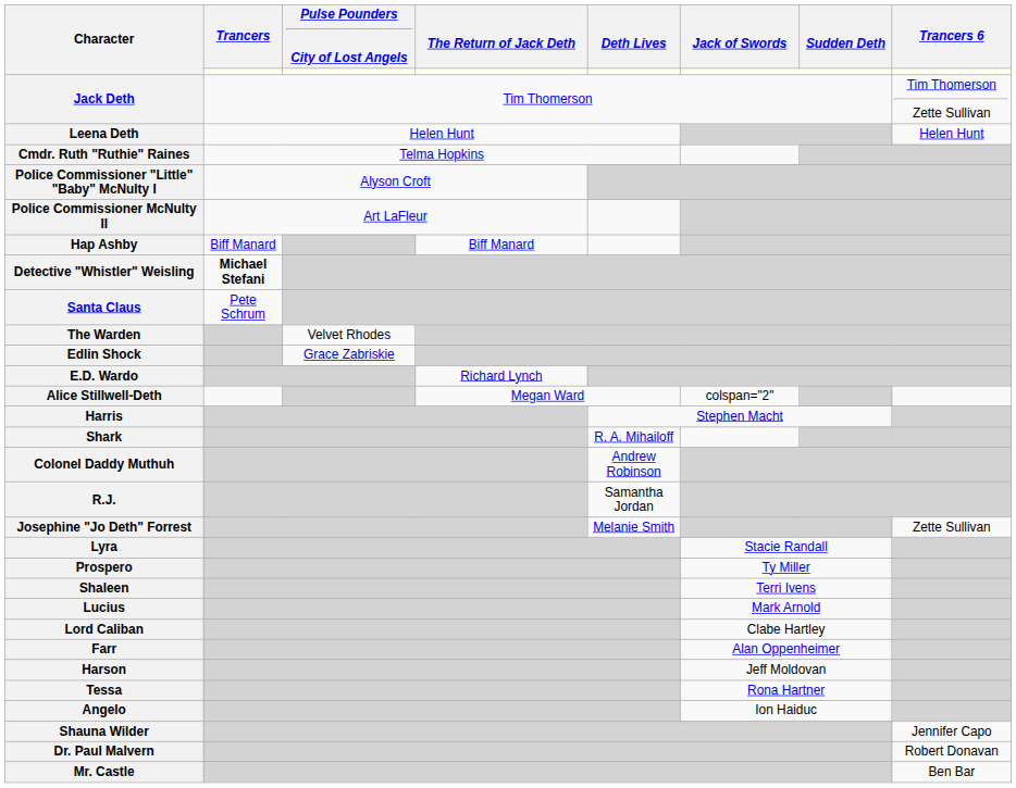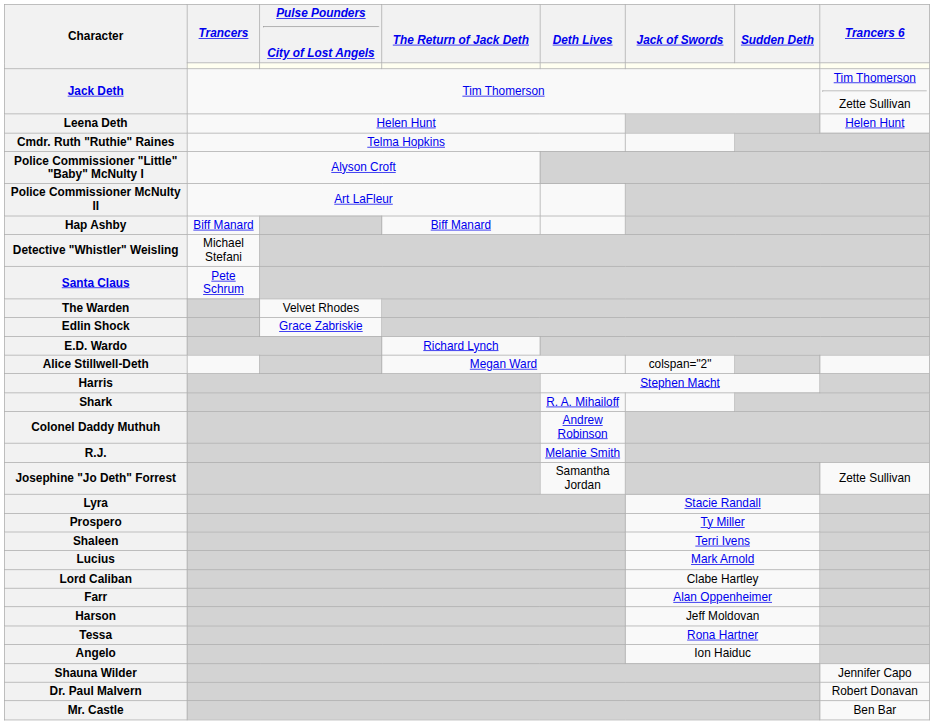 <table class="wikitable" style="text-align:center; width:99%;">
 <tr>
 <th rowspan="2" style="width:15%;">Character</th>
 <th style="text-align:center; width:06%;"><em><a href='#'>Trancers</a></em></th>
 <th style="text-align:center; width:10%;"><em><a href='#'>Pulse Pounders</a></em><hr><a href='#'><em><br>City of Lost Angels</em></a></th>
 <th style="text-align:center; width:13%;"><a href='#'><em><br>The Return of Jack Deth</em></a></th>
 <th style="text-align:center; width:07%;"><a href='#'><em><br>Deth Lives</em></a></th>
 <th style="text-align:center; width:09%;"><a href='#'><em><br>Jack of Swords</em></a></th>
 <th style="text-align:center; width:07%;"><a href='#'><em><br>Sudden Deth</em></a></th>
 <th style="text-align:center; width:09%;"><em><a href='#'>Trancers 6</a></em></th>
 </tr>
 <tr>
 <th style="background:ivory;"><span></span></th>
 <th style="background:ivory;"><span></span></th>
 <th style="background:ivory;"><span></span></th>
 <th style="background:ivory;"><span></span></th>
 <th colspan="2" style="background:ivory;"><span></span></th>
 <th style="background:ivory;"><span></span></th>
 </tr>
 <tr>
 <th><a href='#'>Jack Deth</a></th>
 <td colspan="6"><a href='#'>Tim Thomerson</a></td>
 <td><a href='#'>Tim Thomerson</a><hr>Zette Sullivan<br></td>
 </tr>
 <tr>
 <th>Leena Deth</th>
 <td colspan="4"><a href='#'>Helen Hunt</a></td>
 <td colspan="2" style="background:lightgrey;"></td>
 <td colspan="1"><a href='#'>Helen Hunt</a></td>
 </tr>
 <tr>
 <th>Cmdr. Ruth "Ruthie" Raines</th>
 <td colspan="4"><a href='#'>Telma Hopkins</a></td>
 <td></td>
 <td colspan="2" style="background:lightgrey;"> </td>
 </tr>
 <tr>
 <th>Police Commissioner "Little" "Baby" McNulty I</th>
 <td colspan="3"><a href='#'>Alyson Croft</a></td>
 <td colspan="4" style="background:lightgrey;"> </td>
 </tr>
 <tr>
 <th>Police Commissioner McNulty II</th>
 <td colspan="3"><a href='#'>Art LaFleur</a></td>
 <td></td>
 <td colspan="3" style="background:lightgrey;"> </td>
 </tr>
 <tr>
 <th>Hap Ashby</th>
 <td><a href='#'>Biff Manard</a></td>
 <td style="background:lightgrey;"> </td>
 <td><a href='#'>Biff Manard</a></td>
 <td></td>
 <td colspan="3" style="background:lightgrey;"> </td>
 </tr>
 <tr>
 <th>Detective "Whistler" Weisling</th>
-<td><strong>Michael Stefani</strong></td>
+<td>Michael Stefani</td>
 <td colspan="6" style="background:lightgrey;"> </td>
 </tr>
 <tr>
 <th><a href='#'>Santa Claus</a></th>
 <td><a href='#'>Pete Schrum</a></td>
 <td colspan="6" style="background:lightgrey;"> </td>
 </tr>
 <tr>
 <th>The Warden</th>
 <td style="background:lightgrey;"> </td>
 <td>Velvet Rhodes</td>
 <td colspan="5" style="background:lightgrey;"> </td>
 </tr>
 <tr>
 <th>Edlin Shock</th>
 <td style="background:lightgrey;"> </td>
 <td><a href='#'>Grace Zabriskie</a></td>
 <td colspan="5" style="background:lightgrey;"> </td>
 </tr>
 <tr>
 <th>E.D. Wardo</th>
 <td colspan="2" style="background:lightgrey;"> </td>
 <td><a href='#'>Richard Lynch</a></td>
 <td colspan="4" style="background:lightgrey;"> </td>
 </tr>
 <tr>
 <th>Alice Stillwell-Deth</th>
 <td></td>
 <td style="background:lightgrey;"> </td>
 <td colspan="2"><a href='#'>Megan Ward</a></td>
 <td>colspan="2"</td>
 <td colspan="1" style="background:lightgrey;"> </td>
 </tr>
 <tr>
 <th>Harris</th>
 <td colspan="3" style="background:lightgrey;"> </td>
 <td colspan="3"><a href='#'>Stephen Macht</a></td>
 <td colspan="1" style="background:lightgrey;"> </td>
 </tr>
 <tr>
 <th>Shark</th>
 <td colspan="3" style="background:lightgrey;"> </td>
 <td><a href='#'>R. A. Mihailoff</a></td>
 <td></td>
 <td colspan="2" style="background:lightgrey;"> </td>
 </tr>
 <tr>
 <th>Colonel Daddy Muthuh</th>
 <td colspan="3" style="background:lightgrey;"> </td>
 <td><a href='#'>Andrew Robinson</a></td>
 <td colspan="3" style="background:lightgrey;"> </td>
 </tr>
 <tr>
 <th>R.J.</th>
 <td colspan="3" style="background:lightgrey;"> </td>
-<td>Samantha Jordan</td>
+<td><a href='#'>Melanie Smith</a></td>
 <td colspan="3" style="background:lightgrey;"> </td>
 </tr>
 <tr>
 <th>Josephine "Jo Deth" Forrest</th>
 <td colspan="3" style="background:lightgrey;"> </td>
-<td><a href='#'>Melanie Smith</a></td>
+<td>Samantha Jordan</td>
 <td colspan="2" style="background:lightgrey;"> </td>
 <td>Zette Sullivan</td>
 </tr>
 <tr>
 <th>Lyra</th>
 <td colspan="4" style="background:lightgrey;"> </td>
 <td colspan="2"><a href='#'>Stacie Randall</a></td>
 <td colspan="1" style="background:lightgrey;"> </td>
 </tr>
 <tr>
 <th>Prospero</th>
 <td colspan="4" style="background:lightgrey;"> </td>
 <td colspan="2"><a href='#'>Ty Miller</a></td>
 <td colspan="1" style="background:lightgrey;"> </td>
 </tr>
 <tr>
 <th>Shaleen</th>
 <td colspan="4" style="background:lightgrey;"> </td>
 <td colspan="2"><a href='#'>Terri Ivens</a></td>
 <td colspan="1" style="background:lightgrey;"> </td>
 </tr>
 <tr>
 <th>Lucius</th>
 <td colspan="4" style="background:lightgrey;"> </td>
 <td colspan="2"><a href='#'>Mark Arnold</a></td>
 <td colspan="1" style="background:lightgrey;"> </td>
 </tr>
 <tr>
 <th>Lord Caliban</th>
 <td colspan="4" style="background:lightgrey;"> </td>
 <td colspan="2">Clabe Hartley</td>
 <td colspan="1" style="background:lightgrey;"> </td>
 </tr>
 <tr>
 <th>Farr</th>
 <td colspan="4" style="background:lightgrey;"> </td>
 <td colspan="2"><a href='#'>Alan Oppenheimer</a></td>
 <td colspan="1" style="background:lightgrey;"> </td>
 </tr>
 <tr>
 <th>Harson</th>
 <td colspan="4" style="background:lightgrey;"> </td>
 <td colspan="2">Jeff Moldovan</td>
 <td colspan="1" style="background:lightgrey;"> </td>
 </tr>
 <tr>
 <th>Tessa</th>
 <td colspan="4" style="background:lightgrey;"> </td>
 <td colspan="2"><a href='#'>Rona Hartner</a></td>
 <td colspan="1" style="background:lightgrey;"> </td>
 </tr>
 <tr>
 <th>Angelo</th>
 <td colspan="4" style="background:lightgrey;"> </td>
 <td colspan="2">Ion Haiduc</td>
 <td colspan="1" style="background:lightgrey;"> </td>
 </tr>
 <tr>
 <th>Shauna Wilder</th>
 <td colspan="6" style="background:lightgrey;"> </td>
 <td>Jennifer Capo</td>
 </tr>
 <tr>
 <th>Dr. Paul Malvern</th>
 <td colspan="6" style="background:lightgrey;"> </td>
 <td>Robert Donavan</td>
 </tr>
 <tr>
 <th>Mr. Castle</th>
 <td colspan="6" style="background:lightgrey;"> </td>
 <td>Ben Bar</td>
 </tr>
 </table>
